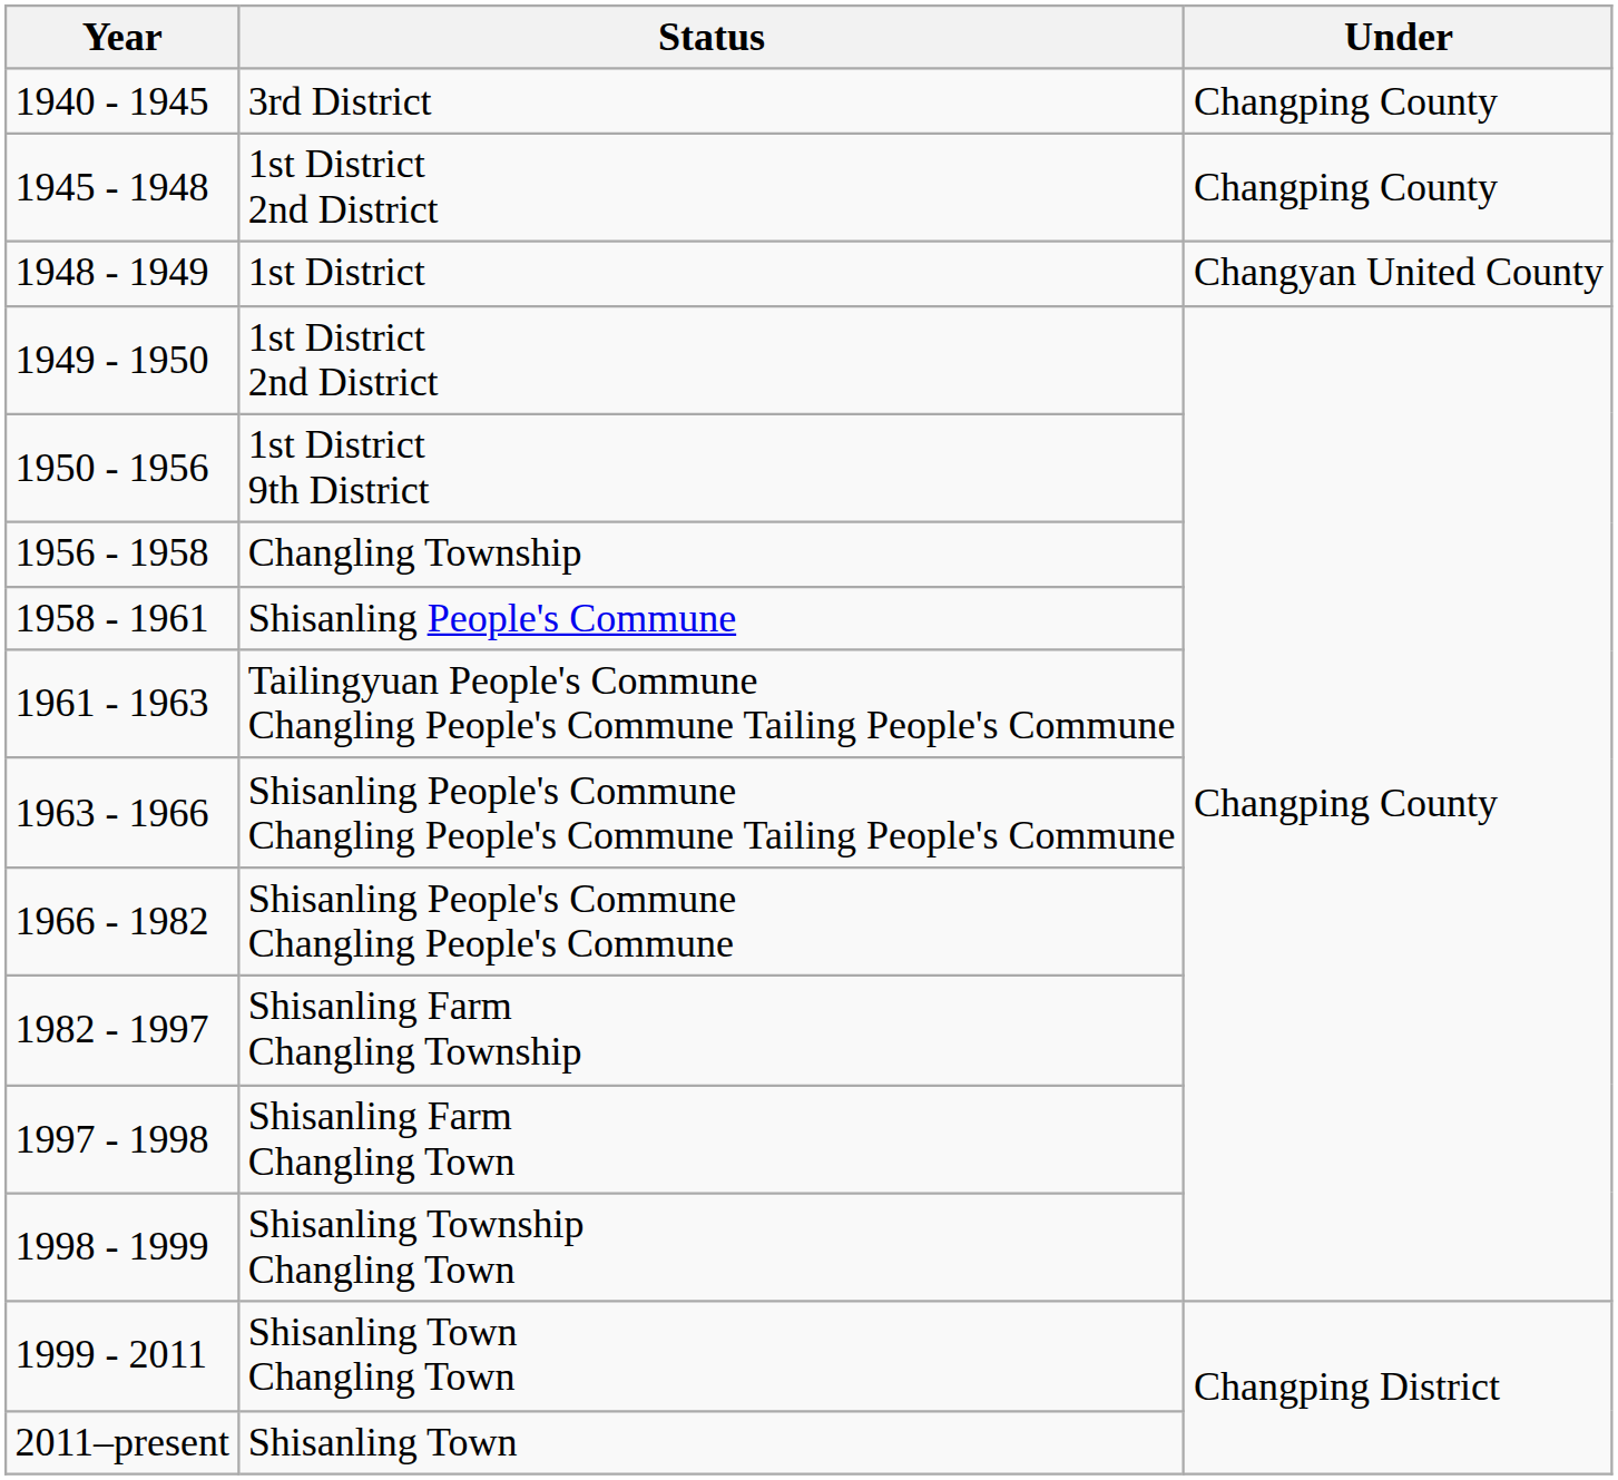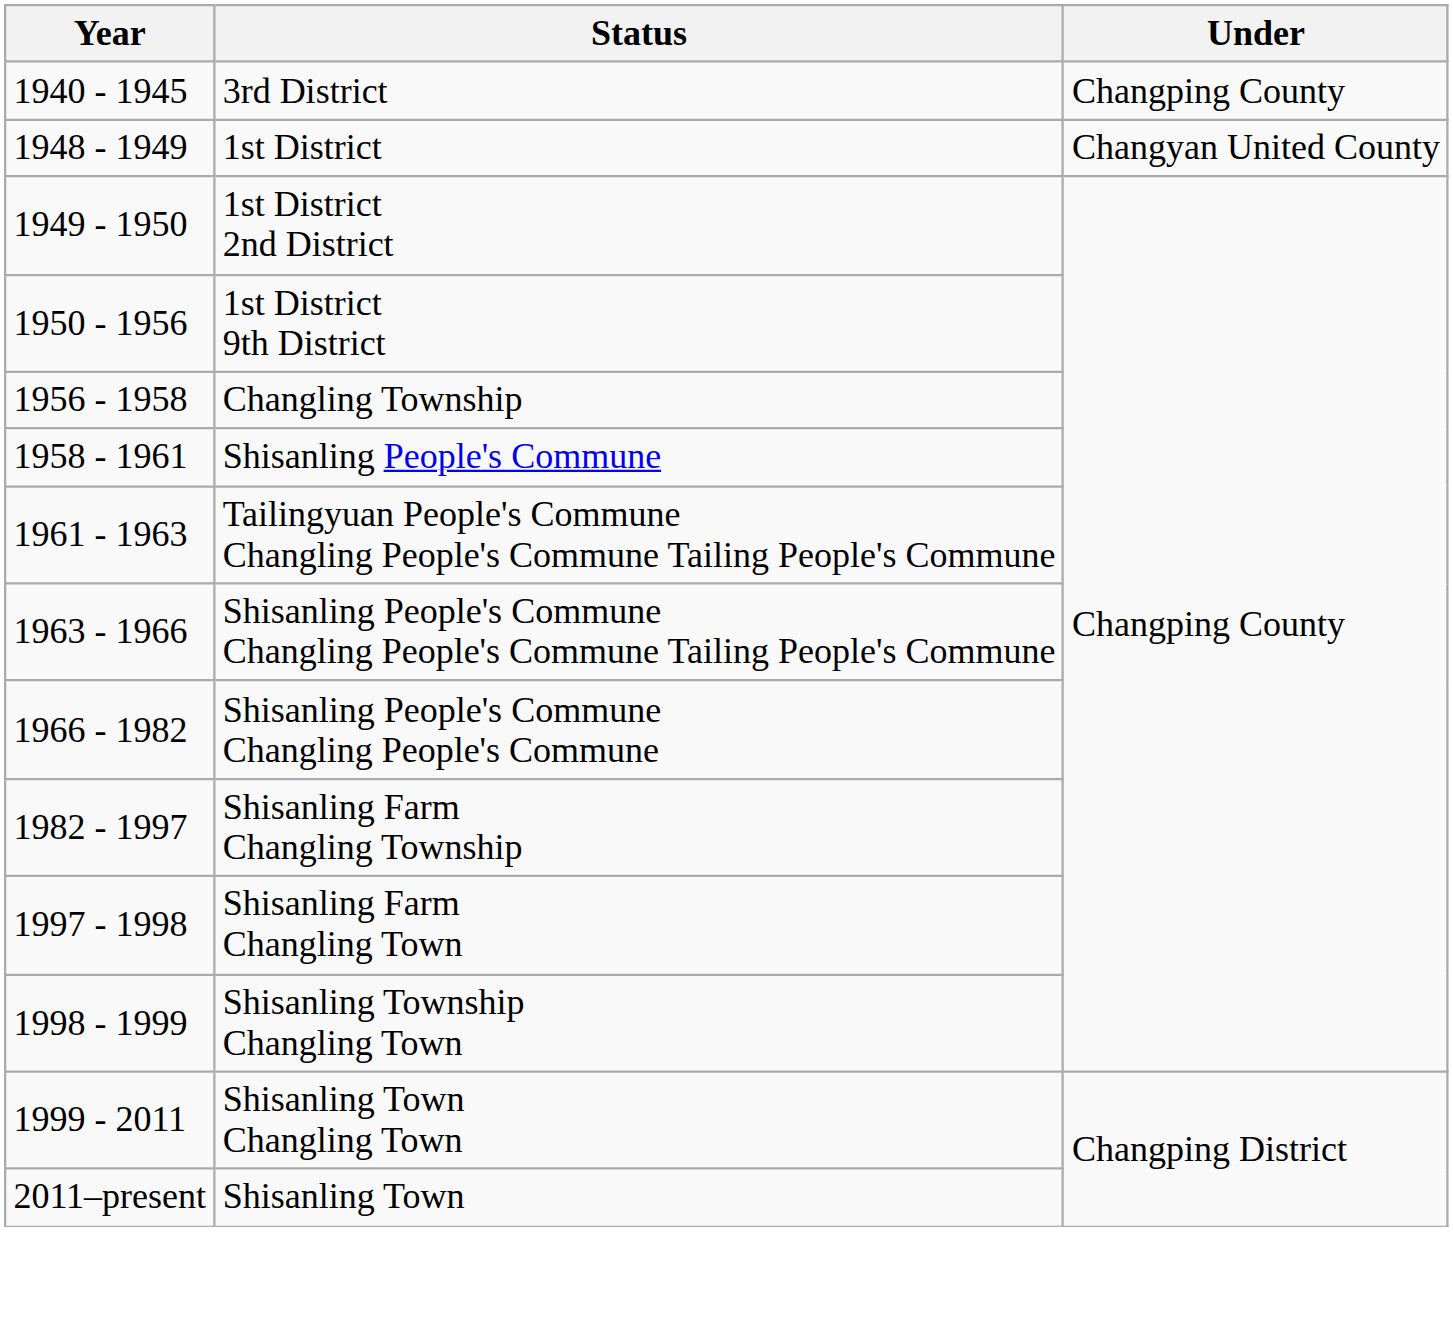 <table class="wikitable">
 <tr>
 <th>Year</th>
 <th>Status</th>
 <th>Under</th>
 </tr>
 <tr>
 <td>1940 - 1945</td>
 <td>3rd District</td>
-<td>Changping County</td>
-</tr>
-<tr>
-<td>1945 - 1948</td>
-<td>1st District<br>2nd District</td>
 <td>Changping County</td>
 </tr>
 <tr>
 <td>1948 - 1949</td>
 <td>1st District</td>
 <td>Changyan United County</td>
 </tr>
 <tr>
 <td>1949 - 1950</td>
 <td>1st District<br>2nd District</td>
 <td rowspan="10">Changping County</td>
 </tr>
 <tr>
 <td>1950 - 1956</td>
 <td>1st District<br>9th District</td>
 </tr>
 <tr>
 <td>1956 - 1958</td>
 <td>Changling Township</td>
 </tr>
 <tr>
 <td>1958 - 1961</td>
 <td>Shisanling <a href='#'>People's Commune</a></td>
 </tr>
 <tr>
 <td>1961 - 1963</td>
 <td>Tailingyuan People's Commune<br>Changling People's Commune Tailing People's Commune</td>
 </tr>
 <tr>
 <td>1963 - 1966</td>
 <td>Shisanling People's Commune<br>Changling People's Commune Tailing People's Commune</td>
 </tr>
 <tr>
 <td>1966 - 1982</td>
 <td>Shisanling People's Commune<br>Changling People's Commune</td>
 </tr>
 <tr>
 <td>1982 - 1997</td>
 <td>Shisanling Farm<br>Changling Township</td>
 </tr>
 <tr>
 <td>1997 - 1998</td>
 <td>Shisanling Farm<br>Changling Town</td>
 </tr>
 <tr>
 <td>1998 - 1999</td>
 <td>Shisanling Township<br>Changling Town</td>
 </tr>
 <tr>
 <td>1999 - 2011</td>
 <td>Shisanling Town<br>Changling Town</td>
 <td rowspan="2">Changping District</td>
 </tr>
 <tr>
 <td>2011–present</td>
 <td>Shisanling Town</td>
 </tr>
 </table>
